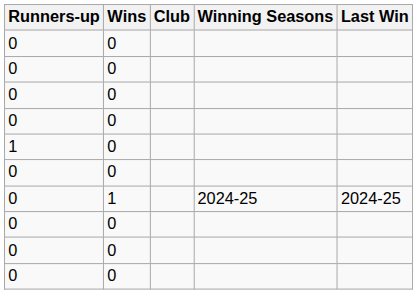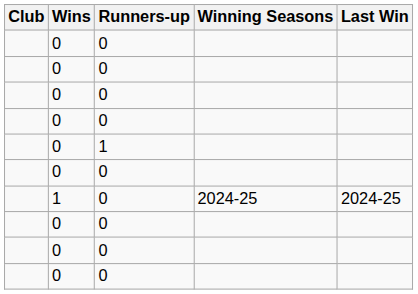 <table class="wikitable sortable">
 <tr>
+<th>Club</th>
+<th>Wins</th>
 <th>Runners-up</th>
-<th>Wins</th>
-<th>Club</th>
 <th class=unsortable>Winning Seasons</th>
 <th>Last Win</th>
 </tr>
 <tr>
+<td></td>
 <td>0</td>
 <td>0</td>
 <td></td>
 <td></td>
-<td></td>
 </tr>
 <tr>
+<td><strong></strong></td>
 <td>0</td>
 <td>0</td>
-<td><strong></strong></td>
 <td></td>
 <td></td>
 </tr>
 <tr>
+<td></td>
 <td>0</td>
 <td>0</td>
 <td></td>
 <td></td>
-<td></td>
 </tr>
 <tr>
+<td></td>
 <td>0</td>
 <td>0</td>
 <td></td>
 <td></td>
-<td></td>
 </tr>
 <tr>
+<td></td>
+<td>0</td>
 <td>1</td>
-<td>0</td>
-<td></td>
 <td></td>
 <td></td>
 </tr>
 <tr>
+<td></td>
 <td>0</td>
 <td>0</td>
 <td></td>
 <td></td>
-<td></td>
 </tr>
 <tr>
+<td></td>
+<td>1</td>
 <td>0</td>
-<td>1</td>
-<td></td>
 <td>2024-25</td>
 <td>2024-25</td>
 </tr>
 <tr>
+<td><strong></strong></td>
 <td>0</td>
 <td>0</td>
-<td><strong></strong></td>
 <td></td>
 <td></td>
 </tr>
 <tr>
+<td></td>
 <td>0</td>
 <td>0</td>
 <td></td>
 <td></td>
-<td></td>
 </tr>
 <tr>
+<td></td>
 <td>0</td>
 <td>0</td>
 <td></td>
 <td></td>
-<td></td>
 </tr>
 </table>
